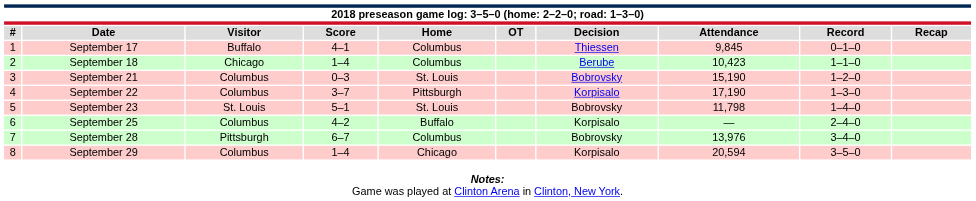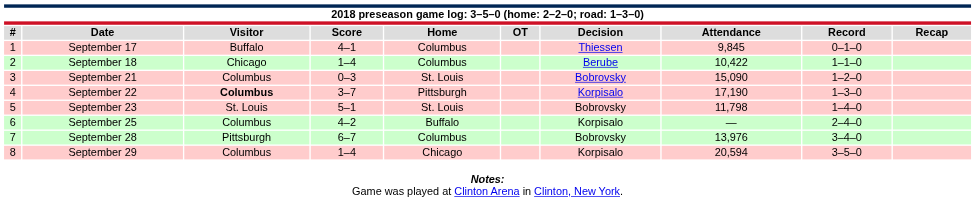 <table class="toccolours collapsible collapsed" style="width:90%; clear:both; margin:1.5em auto; text-align:center;">
 <tr>
 <th colspan="10" style="background:#FFFFFF; border-top:#002654 5px solid; border-bottom:#CE1126 5px solid;">2018 preseason game log: 3–5–0 (home: 2–2–0; road: 1–3–0)</th>
 </tr>
 <tr style="background:#ddd;">
 <th>#</th>
 <th>Date</th>
 <th>Visitor</th>
 <th>Score</th>
 <th>Home</th>
 <th>OT</th>
 <th>Decision</th>
 <th>Attendance</th>
 <th>Record</th>
 <th>Recap</th>
 </tr>
 <tr style="background:#fcc;">
 <td>1</td>
 <td>September 17</td>
 <td>Buffalo</td>
 <td>4–1</td>
 <td>Columbus</td>
 <td></td>
 <td><a href='#'>Thiessen</a></td>
 <td>9,845</td>
 <td>0–1–0</td>
 <td></td>
 </tr>
 <tr style="background:#cfc;">
 <td>2</td>
 <td>September 18</td>
 <td>Chicago</td>
 <td>1–4</td>
 <td>Columbus</td>
 <td></td>
 <td><a href='#'>Berube</a></td>
-<td>10,423</td>
+<td>10,422</td>
 <td>1–1–0</td>
 <td></td>
 </tr>
 <tr style="background:#fcc;">
 <td>3</td>
 <td>September 21</td>
 <td>Columbus</td>
 <td>0–3</td>
 <td>St. Louis</td>
 <td></td>
 <td><a href='#'>Bobrovsky</a></td>
-<td>15,190</td>
+<td>15,090</td>
 <td>1–2–0</td>
 <td></td>
 </tr>
 <tr style="background:#fcc;">
 <td>4</td>
 <td>September 22</td>
-<td>Columbus</td>
+<td><strong>Columbus</strong></td>
 <td>3–7</td>
 <td>Pittsburgh</td>
 <td></td>
 <td><a href='#'>Korpisalo</a></td>
 <td>17,190</td>
 <td>1–3–0</td>
 <td></td>
 </tr>
 <tr style="background:#fcc;">
 <td>5</td>
 <td>September 23</td>
 <td>St. Louis</td>
 <td>5–1</td>
 <td>St. Louis</td>
 <td></td>
 <td>Bobrovsky</td>
 <td>11,798</td>
 <td>1–4–0</td>
 <td></td>
 </tr>
 <tr style="background:#cfc;">
 <td>6</td>
 <td>September 25</td>
 <td>Columbus</td>
 <td>4–2</td>
 <td>Buffalo</td>
 <td></td>
 <td>Korpisalo</td>
 <td>—</td>
 <td>2–4–0</td>
 <td></td>
 </tr>
 <tr style="background:#cfc;">
 <td>7</td>
 <td>September 28</td>
 <td>Pittsburgh</td>
 <td>6–7</td>
 <td>Columbus</td>
 <td></td>
 <td>Bobrovsky</td>
 <td>13,976</td>
 <td>3–4–0</td>
 <td></td>
 </tr>
 <tr style="background:#fcc;">
 <td>8</td>
 <td>September 29</td>
 <td>Columbus</td>
 <td>1–4</td>
 <td>Chicago</td>
 <td></td>
 <td>Korpisalo</td>
 <td>20,594</td>
 <td>3–5–0</td>
 <td></td>
 </tr>
 <tr>
 <td colspan="10" style="text-align:center;"><br><strong><em>Notes:</em></strong><br>  Game was played at <a href='#'>Clinton Arena</a> in <a href='#'>Clinton, New York</a>.</td>
 </tr>
 </table>
